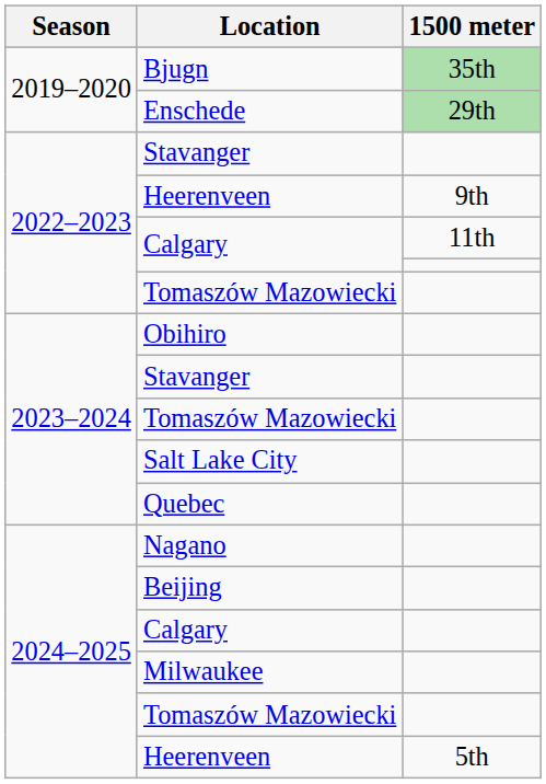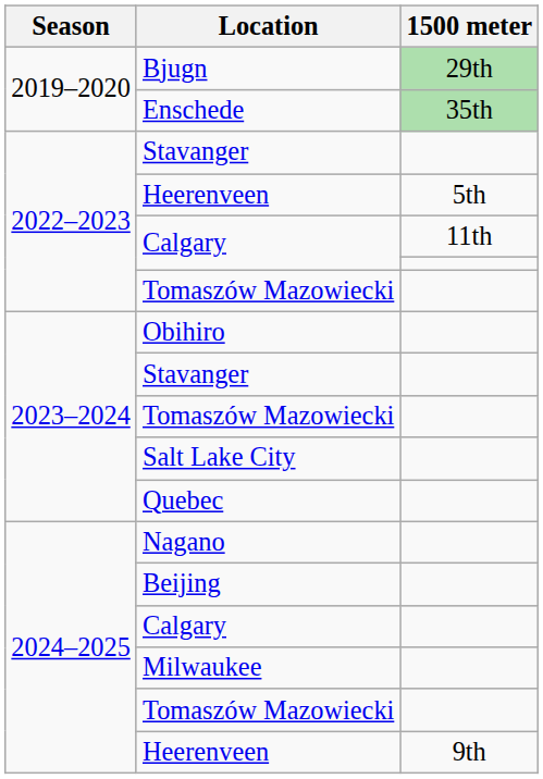 <table class="wikitable" style="display: inline-table;">
 <tr>
 <th>Season</th>
 <th>Location</th>
 <th colspan="1">1500 meter</th>
 </tr>
 <tr style="text-align:center">
 <td rowspan=2>2019–2020</td>
 <td align=left> <a href='#'>Bjugn</a></td>
-<td style="background:#addfad;">35th</td>
+<td style="background:#addfad;">29th</td>
 </tr>
 <tr style="text-align:center">
 <td align=left> <a href='#'>Enschede</a></td>
-<td style="background:#addfad;">29th</td>
+<td style="background:#addfad;">35th</td>
 </tr>
 <tr style="text-align:center">
 <td rowspan=5><a href='#'>2022–2023</a></td>
 <td align=left> <a href='#'>Stavanger</a></td>
 <td></td>
 </tr>
 <tr style="text-align:center">
 <td align=left> <a href='#'>Heerenveen</a></td>
-<td>9th</td>
+<td>5th</td>
 </tr>
 <tr style="text-align:center">
 <td rowspan=2 align=left> <a href='#'>Calgary</a></td>
 <td>11th</td>
 </tr>
 <tr style="text-align:center">
 <td></td>
 </tr>
 <tr style="text-align:center">
 <td align=left> <a href='#'>Tomaszów Mazowiecki</a></td>
 <td></td>
 </tr>
 <tr style="text-align:center">
 <td rowspan=5><a href='#'>2023–2024</a></td>
 <td align=left> <a href='#'>Obihiro</a></td>
 <td></td>
 </tr>
 <tr style="text-align:center">
 <td align=left> <a href='#'>Stavanger</a></td>
 <td></td>
 </tr>
 <tr style="text-align:center">
 <td align=left> <a href='#'>Tomaszów Mazowiecki</a></td>
 <td></td>
 </tr>
 <tr style="text-align:center">
 <td align=left> <a href='#'>Salt Lake City</a></td>
 <td></td>
 </tr>
 <tr style="text-align:center">
 <td align=left> <a href='#'>Quebec</a></td>
 <td></td>
 </tr>
 <tr style="text-align:center">
 <td rowspan=6><a href='#'>2024–2025</a></td>
 <td align=left> <a href='#'>Nagano</a></td>
 <td></td>
 </tr>
 <tr style="text-align:center">
 <td align=left> <a href='#'>Beijing</a></td>
 <td></td>
 </tr>
 <tr style="text-align:center">
 <td align=left> <a href='#'>Calgary</a></td>
 <td></td>
 </tr>
 <tr style="text-align:center">
 <td align=left> <a href='#'>Milwaukee</a></td>
 <td></td>
 </tr>
 <tr style="text-align:center">
 <td align=left> <a href='#'>Tomaszów Mazowiecki</a></td>
 <td></td>
 </tr>
 <tr style="text-align:center">
 <td align=left> <a href='#'>Heerenveen</a></td>
-<td>5th</td>
+<td>9th</td>
 </tr>
 </table>
